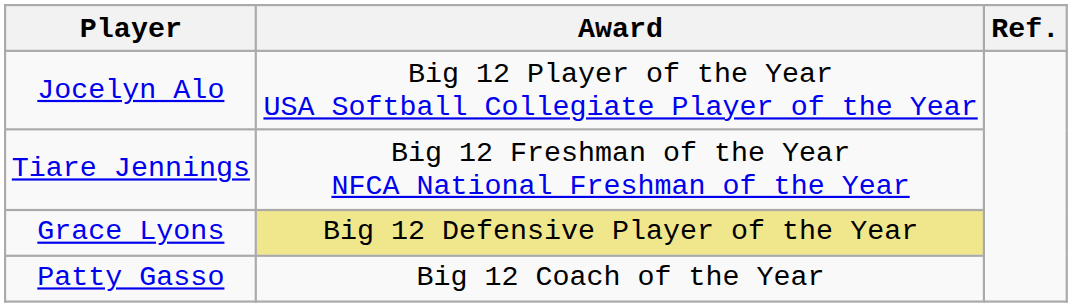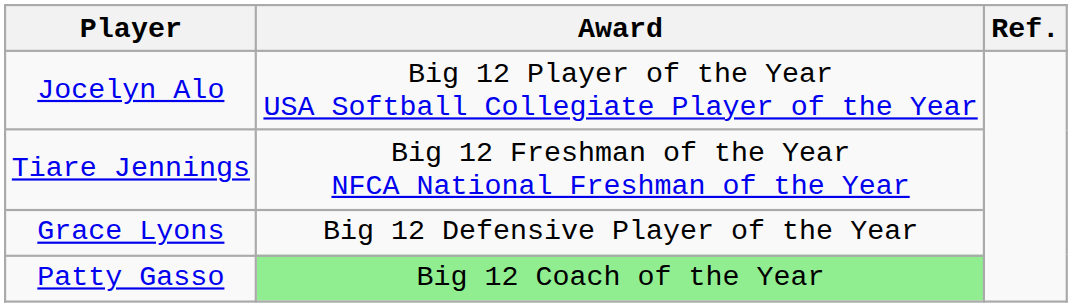 <table class="wikitable sortable sortable" style="text-align: center">
 <tr align=center>
 <th>Player</th>
 <th>Award</th>
 <th>Ref.</th>
 </tr>
 <tr>
 <td><a href='#'>Jocelyn Alo</a></td>
 <td>Big 12 Player of the Year<br><a href='#'>USA Softball Collegiate Player of the Year</a></td>
 <td rowspan="4"><br><br></td>
 </tr>
 <tr>
 <td><a href='#'>Tiare Jennings</a></td>
 <td>Big 12 Freshman of the Year<br><a href='#'>NFCA National Freshman of the Year</a></td>
 </tr>
 <tr>
 <td><a href='#'>Grace Lyons</a></td>
-<td style="background: khaki;">Big 12 Defensive Player of the Year</td>
+<td>Big 12 Defensive Player of the Year</td>
 </tr>
 <tr>
 <td><a href='#'>Patty Gasso</a></td>
-<td>Big 12 Coach of the Year</td>
+<td style="background: lightgreen;">Big 12 Coach of the Year</td>
 </tr>
 </table>
